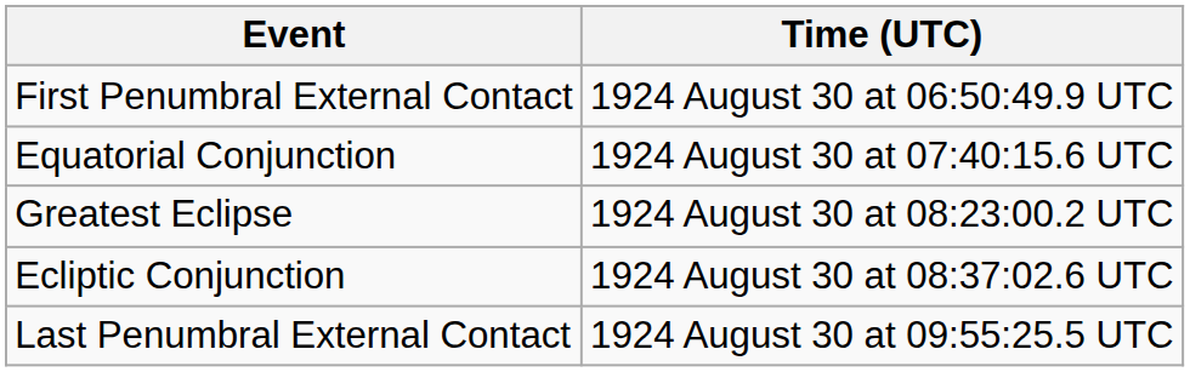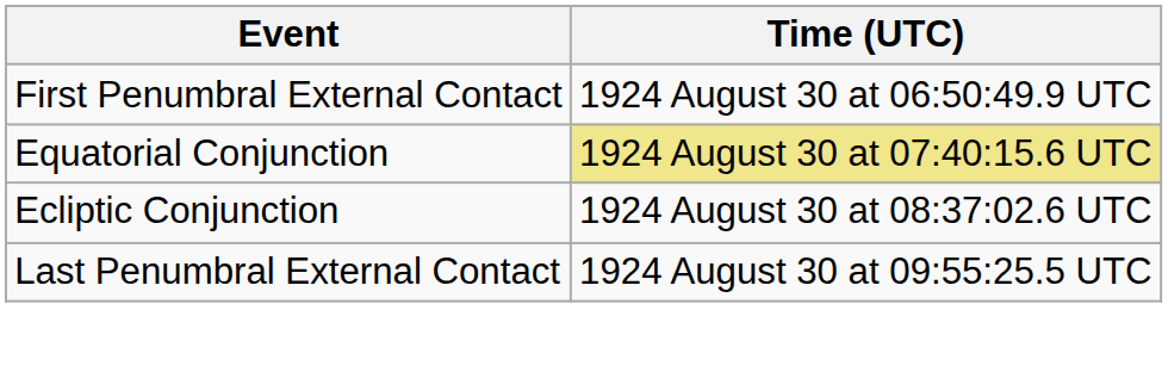 <table class="wikitable">
 <tr>
 <th>Event</th>
 <th>Time (UTC)</th>
 </tr>
 <tr>
 <td>First Penumbral External Contact</td>
 <td>1924 August 30 at 06:50:49.9 UTC</td>
 </tr>
 <tr>
 <td>Equatorial Conjunction</td>
-<td>1924 August 30 at 07:40:15.6 UTC</td>
-</tr>
-<tr>
-<td>Greatest Eclipse</td>
-<td>1924 August 30 at 08:23:00.2 UTC</td>
+<td style="background: khaki;">1924 August 30 at 07:40:15.6 UTC</td>
 </tr>
 <tr>
 <td>Ecliptic Conjunction</td>
 <td>1924 August 30 at 08:37:02.6 UTC</td>
 </tr>
 <tr>
 <td>Last Penumbral External Contact</td>
 <td>1924 August 30 at 09:55:25.5 UTC</td>
 </tr>
 </table>
